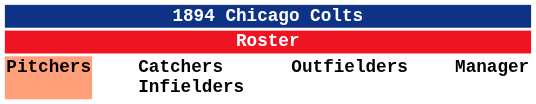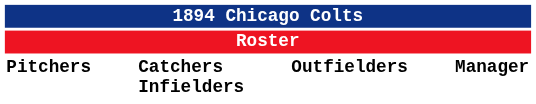 <table class="toccolours" style="font-size: 95%;">
 <tr>
 <th colspan="10" style="background-color: #0e3386; color: white; text-align: center;">1894 Chicago Colts</th>
 </tr>
 <tr>
 <td colspan="10" style="background-color: #EE1422; color: white; text-align: center;"><strong>Roster</strong></td>
 </tr>
 <tr>
-<td valign="top" style="background: lightsalmon;"><strong>Pitchers</strong><br>        </td>
+<td valign="top"><strong>Pitchers</strong><br>        </td>
 <td width="25px"></td>
 <td valign="top"><strong>Catchers</strong><br>  <strong>Infielders</strong>       </td>
 <td width="25px"></td>
 <td valign="top"><strong>Outfielders</strong><br>   </td>
 <td width="25px"></td>
 <td valign="top"><strong>Manager</strong><br></td>
 </tr>
 <tr>
 </tr>
 </table>
